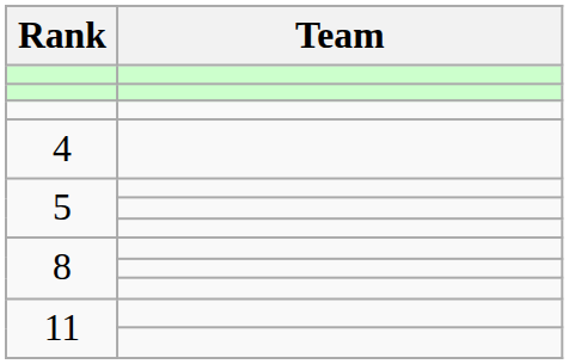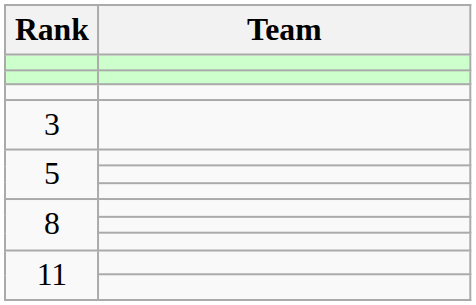 <table class="wikitable" style="text-align:center">
 <tr>
 <th width=40>Rank</th>
 <th width=180>Team</th>
 </tr>
 <tr bgcolor=#ccffcc>
 <td></td>
 <td style="text-align:left"></td>
 </tr>
 <tr bgcolor=#ccffcc>
 <td></td>
 <td style="text-align:left"></td>
 </tr>
 <tr>
 <td></td>
 <td style="text-align:left"></td>
 </tr>
 <tr>
-<td>4</td>
+<td>3</td>
 <td style="text-align:left"></td>
 </tr>
 <tr>
 <td rowspan=3>5</td>
 <td style="text-align:left"></td>
 </tr>
 <tr>
 <td style="text-align:left"></td>
 </tr>
 <tr>
 <td style="text-align:left"></td>
 </tr>
 <tr>
 <td rowspan=3>8</td>
 <td style="text-align:left"></td>
 </tr>
 <tr>
 <td style="text-align:left"></td>
 </tr>
 <tr>
 <td style="text-align:left"></td>
 </tr>
 <tr>
 <td rowspan=2>11</td>
 <td style="text-align:left"></td>
 </tr>
 <tr>
 <td style="text-align:left"></td>
 </tr>
 </table>
